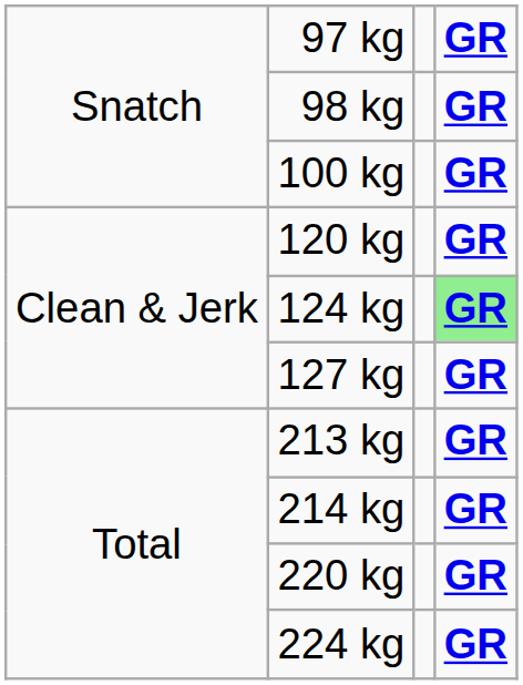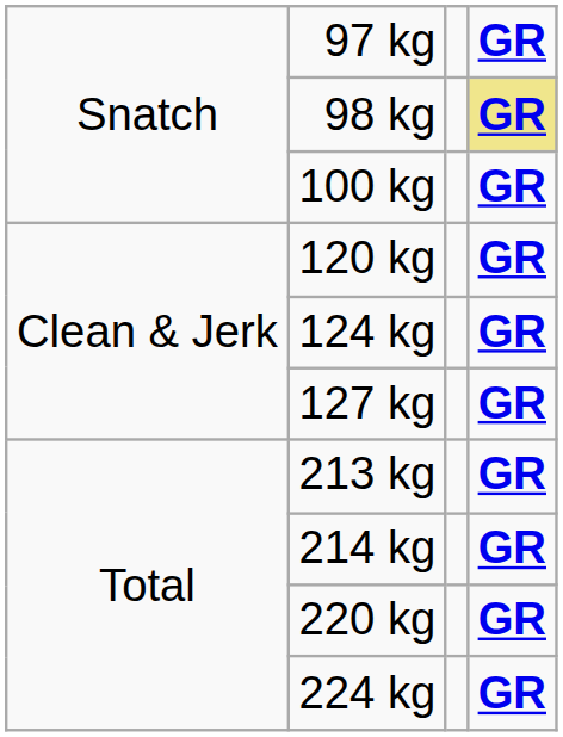 <table class = "wikitable" style="text-align:center;">
 <tr>
 <td rowspan=3>Snatch</td>
 <td align=right>97 kg</td>
 <td align=left></td>
 <td><strong><a href='#'>GR</a></strong></td>
 </tr>
 <tr>
 <td align=right>98 kg</td>
 <td align=left></td>
-<td><strong><a href='#'>GR</a></strong></td>
+<td style="background: khaki;"><strong><a href='#'>GR</a></strong></td>
 </tr>
 <tr>
 <td>100 kg</td>
 <td align=left></td>
 <td><strong><a href='#'>GR</a></strong></td>
 </tr>
 <tr>
 <td rowspan=3>Clean & Jerk</td>
 <td>120 kg</td>
 <td align=left></td>
 <td><strong><a href='#'>GR</a></strong></td>
 </tr>
 <tr>
 <td>124 kg</td>
 <td align=left></td>
-<td style="background: lightgreen;"><strong><a href='#'>GR</a></strong></td>
+<td><strong><a href='#'>GR</a></strong></td>
 </tr>
 <tr>
 <td>127 kg</td>
 <td align=left></td>
 <td><strong><a href='#'>GR</a></strong></td>
 </tr>
 <tr>
 <td rowspan=4>Total</td>
 <td>213 kg</td>
 <td align=left></td>
 <td><strong><a href='#'>GR</a></strong></td>
 </tr>
 <tr>
 <td>214 kg</td>
 <td align=left></td>
 <td><strong><a href='#'>GR</a></strong></td>
 </tr>
 <tr>
 <td>220 kg</td>
 <td align=left></td>
 <td><strong><a href='#'>GR</a></strong></td>
 </tr>
 <tr>
 <td>224 kg</td>
 <td align=left></td>
 <td><strong><a href='#'>GR</a></strong></td>
 </tr>
 </table>
